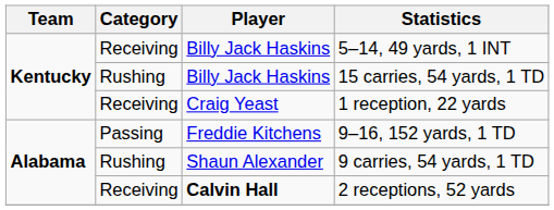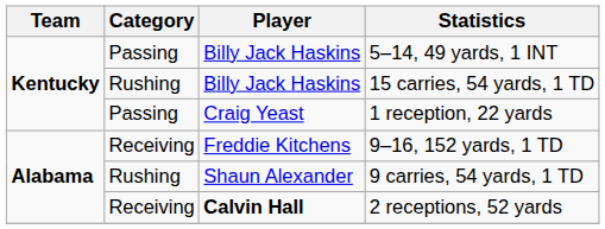 <table class="wikitable" style="float: right;">
 <tr>
 <th>Team</th>
 <th>Category</th>
 <th>Player</th>
 <th>Statistics</th>
 </tr>
 <tr>
 <td rowspan=3><strong>Kentucky</strong></td>
-<td>Receiving</td>
+<td>Passing</td>
 <td><a href='#'>Billy Jack Haskins</a></td>
 <td>5–14, 49 yards, 1 INT</td>
 </tr>
 <tr>
 <td>Rushing</td>
 <td><a href='#'>Billy Jack Haskins</a></td>
 <td>15 carries, 54 yards, 1 TD</td>
 </tr>
 <tr>
-<td>Receiving</td>
+<td>Passing</td>
 <td><a href='#'>Craig Yeast</a></td>
 <td>1 reception, 22 yards</td>
 </tr>
 <tr>
 <td rowspan=3><strong>Alabama</strong></td>
-<td>Passing</td>
+<td>Receiving</td>
 <td><a href='#'>Freddie Kitchens</a></td>
 <td>9–16, 152 yards, 1 TD</td>
 </tr>
 <tr>
 <td>Rushing</td>
 <td><a href='#'>Shaun Alexander</a></td>
 <td>9 carries, 54 yards, 1 TD</td>
 </tr>
 <tr>
 <td>Receiving</td>
 <td><strong>Calvin Hall</strong></td>
 <td>2 receptions, 52 yards</td>
 </tr>
 <tr>
 </tr>
 </table>
